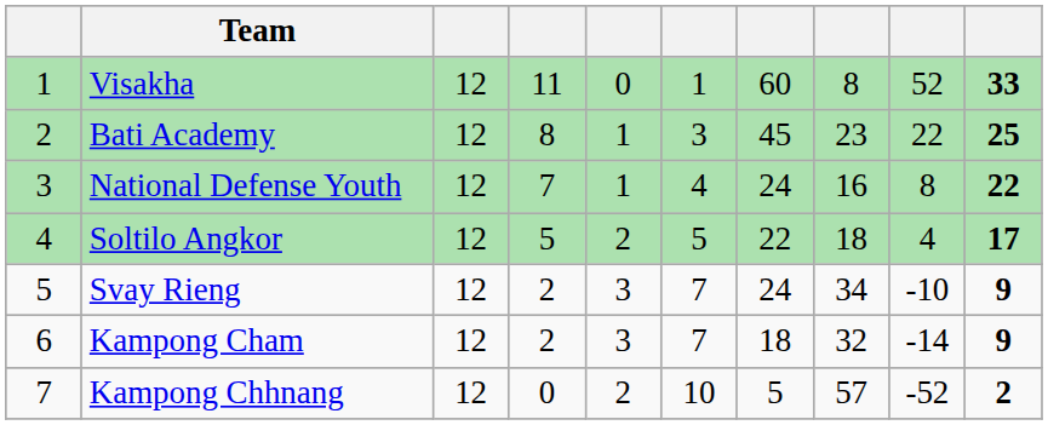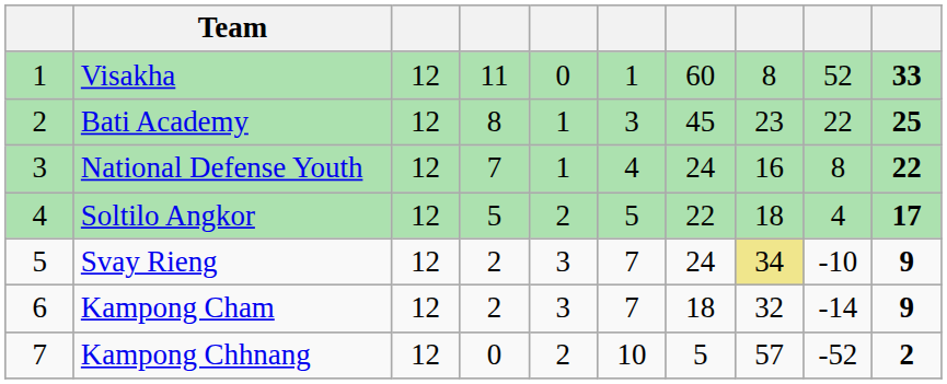 <table class="wikitable" style="text-align: center;">
 <tr>
 <th width=30></th>
 <th width=165>Team</th>
 <th width=30></th>
 <th width=30></th>
 <th width=30></th>
 <th width=30></th>
 <th width=30></th>
 <th width=30></th>
 <th width=30></th>
 <th width=30></th>
 </tr>
 <tr bgcolor=#ACE1AF>
 <td>1</td>
 <td align=left><a href='#'>Visakha</a></td>
 <td>12</td>
 <td>11</td>
 <td>0</td>
 <td>1</td>
 <td>60</td>
 <td>8</td>
 <td>52</td>
 <td><strong>33</strong></td>
 </tr>
 <tr bgcolor=#ACE1AF>
 <td>2</td>
 <td align=left><a href='#'>Bati Academy</a></td>
 <td>12</td>
 <td>8</td>
 <td>1</td>
 <td>3</td>
 <td>45</td>
 <td>23</td>
 <td>22</td>
 <td><strong>25</strong></td>
 </tr>
 <tr bgcolor=#ACE1AF>
 <td>3</td>
 <td align=left><a href='#'>National Defense Youth</a></td>
 <td>12</td>
 <td>7</td>
 <td>1</td>
 <td>4</td>
 <td>24</td>
 <td>16</td>
 <td>8</td>
 <td><strong>22</strong></td>
 </tr>
 <tr bgcolor=#ACE1AF>
 <td>4</td>
 <td align=left><a href='#'>Soltilo Angkor</a></td>
 <td>12</td>
 <td>5</td>
 <td>2</td>
 <td>5</td>
 <td>22</td>
 <td>18</td>
 <td>4</td>
 <td><strong>17</strong></td>
 </tr>
 <tr>
 <td>5</td>
 <td align=left><a href='#'>Svay Rieng</a></td>
 <td>12</td>
 <td>2</td>
 <td>3</td>
 <td>7</td>
 <td>24</td>
-<td>34</td>
+<td style="background: khaki;">34</td>
 <td>-10</td>
 <td><strong>9</strong></td>
 </tr>
 <tr>
 <td>6</td>
 <td align=left><a href='#'>Kampong Cham</a></td>
 <td>12</td>
 <td>2</td>
 <td>3</td>
 <td>7</td>
 <td>18</td>
 <td>32</td>
 <td>-14</td>
 <td><strong>9</strong></td>
 </tr>
 <tr>
 <td>7</td>
 <td align=left><a href='#'>Kampong Chhnang</a></td>
 <td>12</td>
 <td>0</td>
 <td>2</td>
 <td>10</td>
 <td>5</td>
 <td>57</td>
 <td>-52</td>
 <td><strong>2</strong></td>
 </tr>
 </table>
